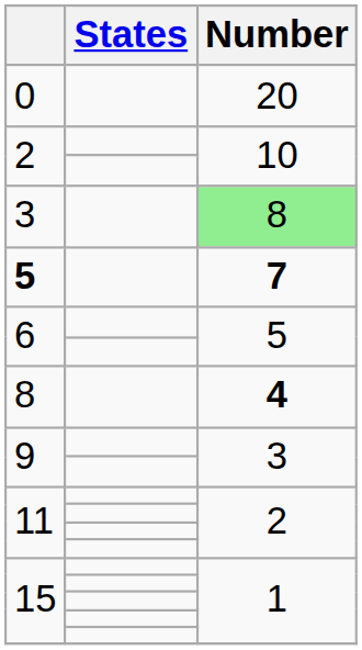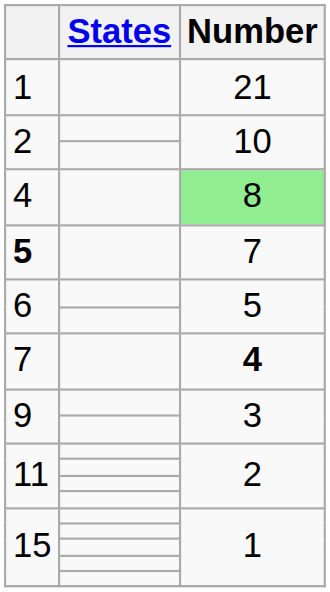 <table class="wikitable">
 <tr>
 <th></th>
 <th><a href='#'>States</a></th>
 <th>Number</th>
 </tr>
 <tr>
-<td>0</td>
+<td>1</td>
 <td></td>
-<td align=center>20</td>
+<td align=center>21</td>
 </tr>
 <tr>
 <td rowspan="2">2</td>
 <td></td>
 <td rowspan="2" align=center>10</td>
 </tr>
 <tr>
 <td></td>
 </tr>
 <tr>
-<td>3</td>
+<td>4</td>
 <td></td>
 <td align=center style="background: lightgreen;">8</td>
 </tr>
 <tr>
 <td><strong>5</strong></td>
 <td></td>
-<td align=center><strong>7</strong></td>
+<td align=center>7</td>
 </tr>
 <tr>
 <td rowspan="2">6</td>
 <td></td>
 <td rowspan="2" align=center>5</td>
 </tr>
 <tr>
 <td></td>
 </tr>
 <tr>
-<td>8</td>
+<td>7</td>
 <td></td>
 <td align=center><strong>4</strong></td>
 </tr>
 <tr>
 <td rowspan="2">9</td>
 <td></td>
 <td rowspan="2" align=center>3</td>
 </tr>
 <tr>
 <td></td>
 </tr>
 <tr>
 <td rowspan="4">11</td>
 <td></td>
 <td rowspan="4" align=center>2</td>
 </tr>
 <tr>
 <td></td>
 </tr>
 <tr>
 <td></td>
 </tr>
 <tr>
 <td></td>
 </tr>
 <tr>
 <td rowspan="5">15</td>
 <td></td>
 <td rowspan="5" align=center>1</td>
 </tr>
 <tr>
 <td></td>
 </tr>
 <tr>
 <td></td>
 </tr>
 <tr>
 <td></td>
 </tr>
 <tr>
 <td></td>
 </tr>
 <tr>
 </tr>
 </table>
